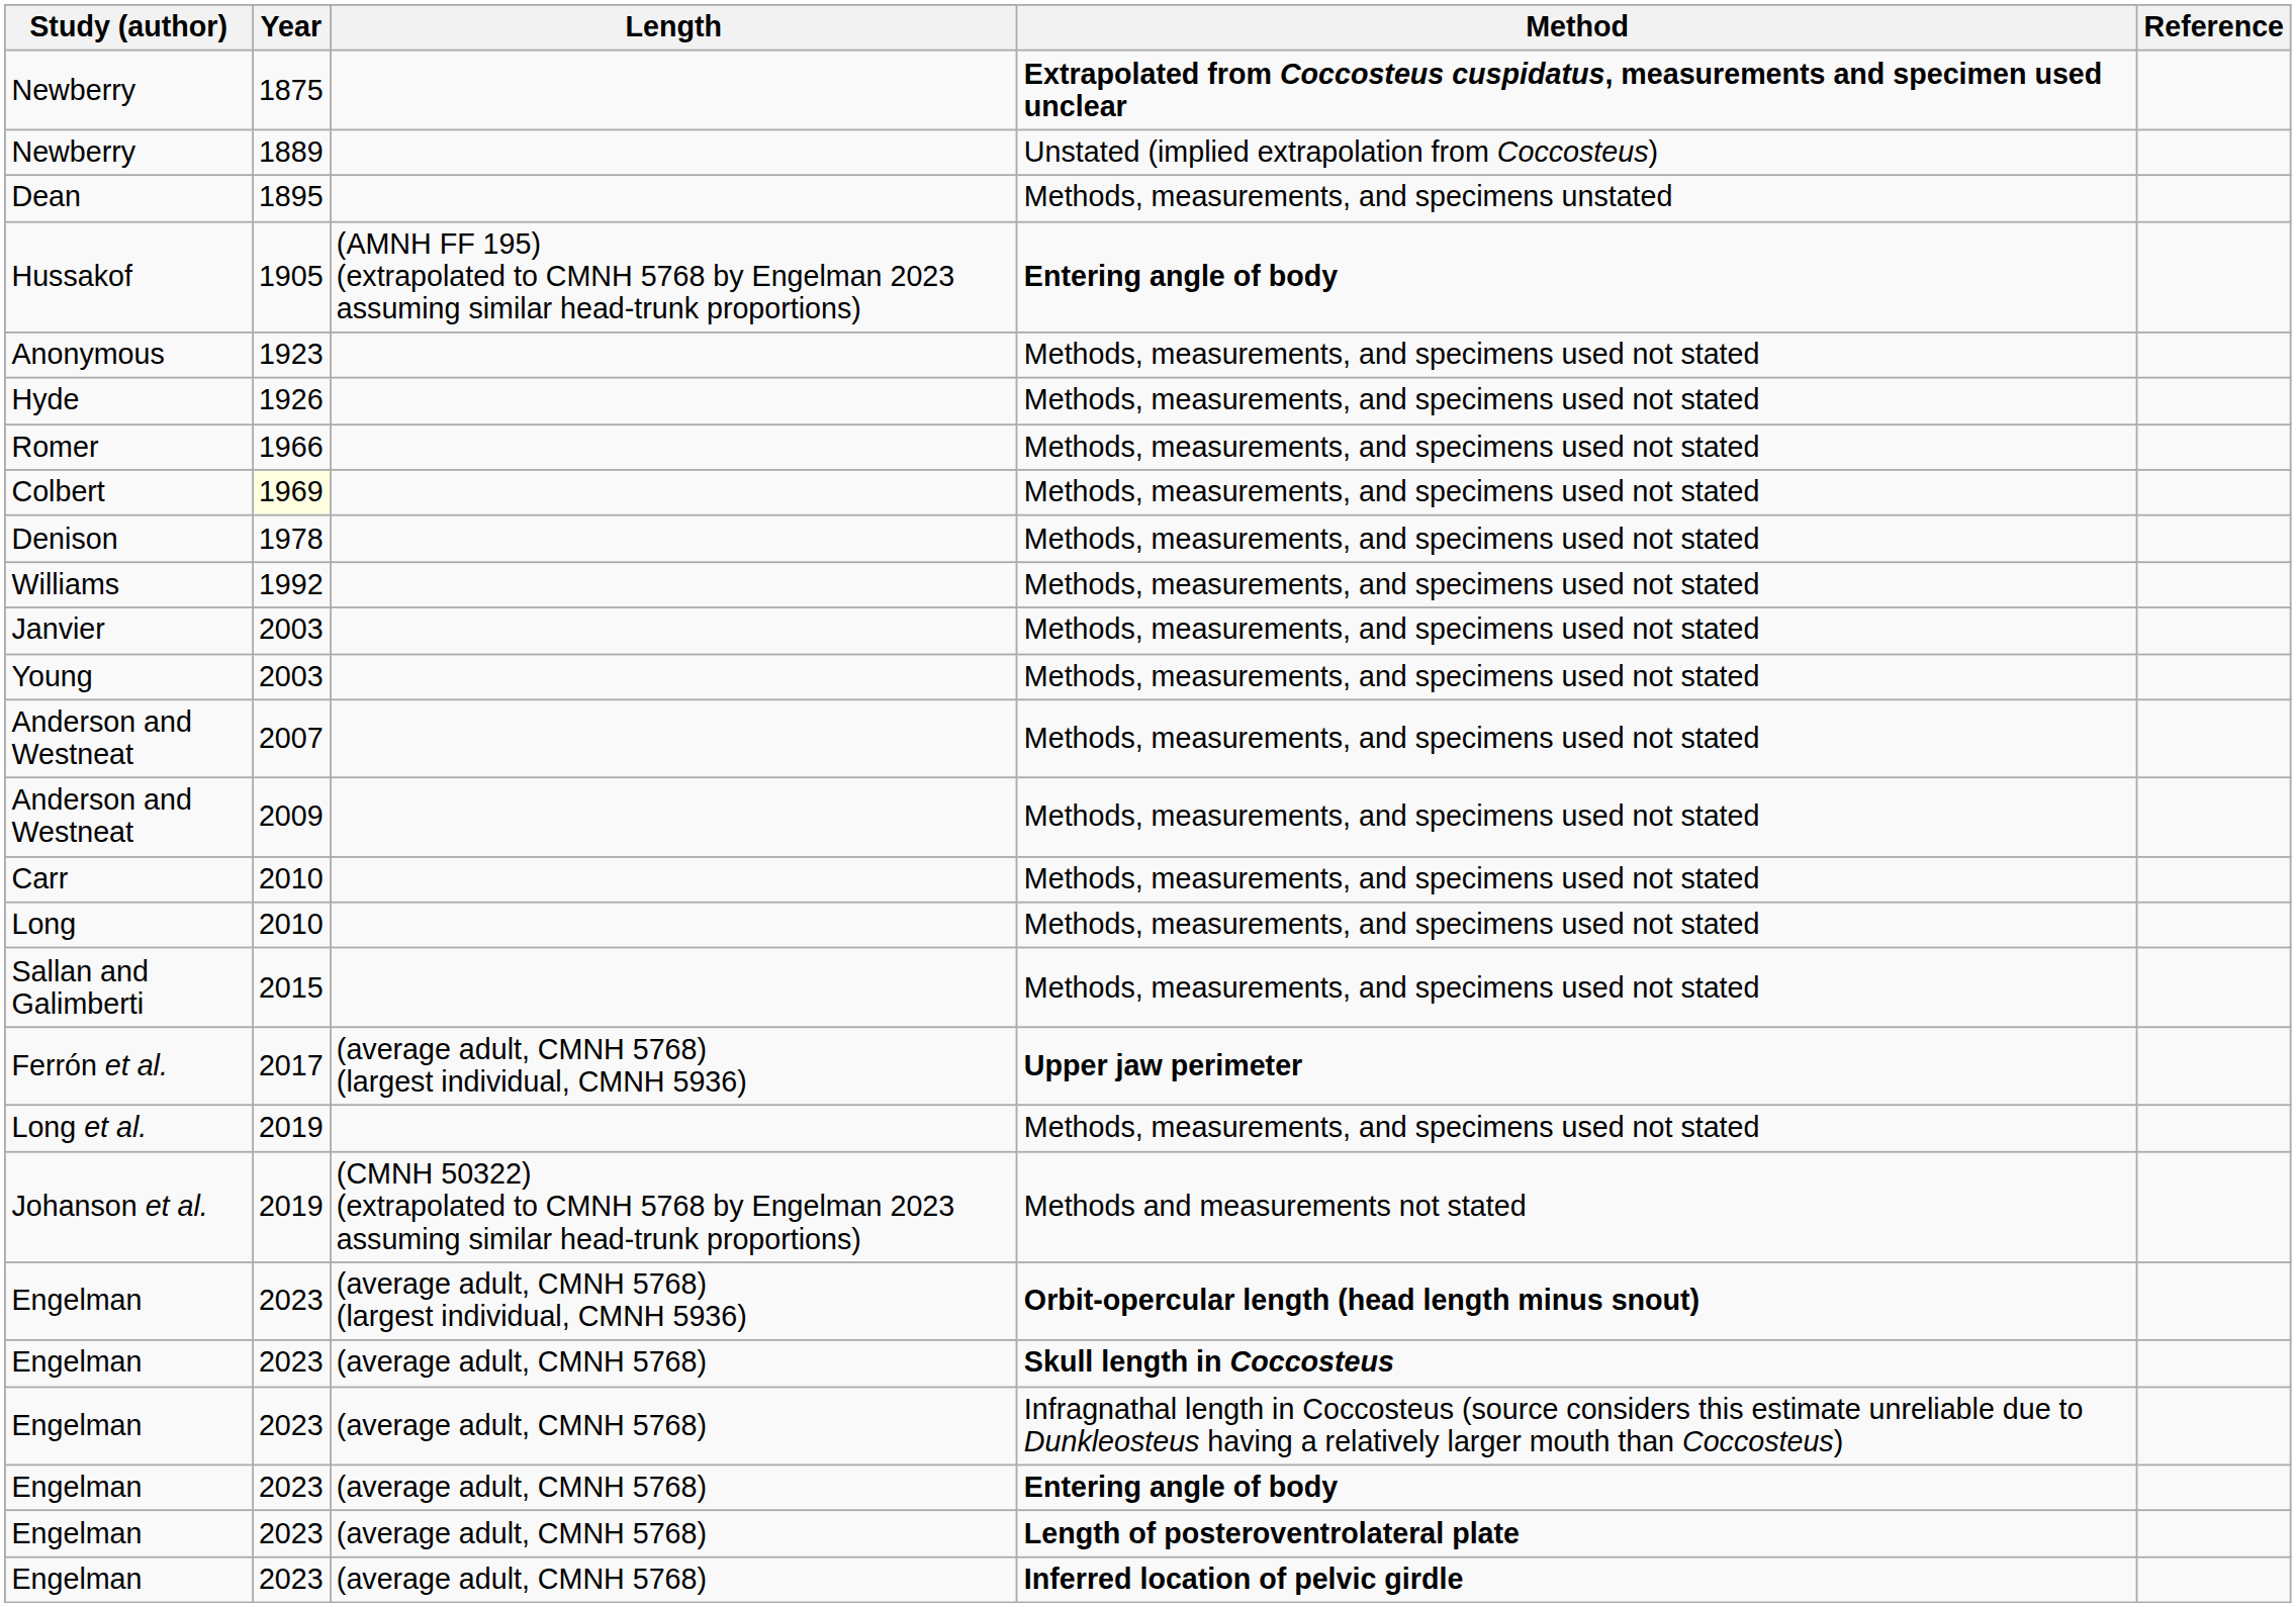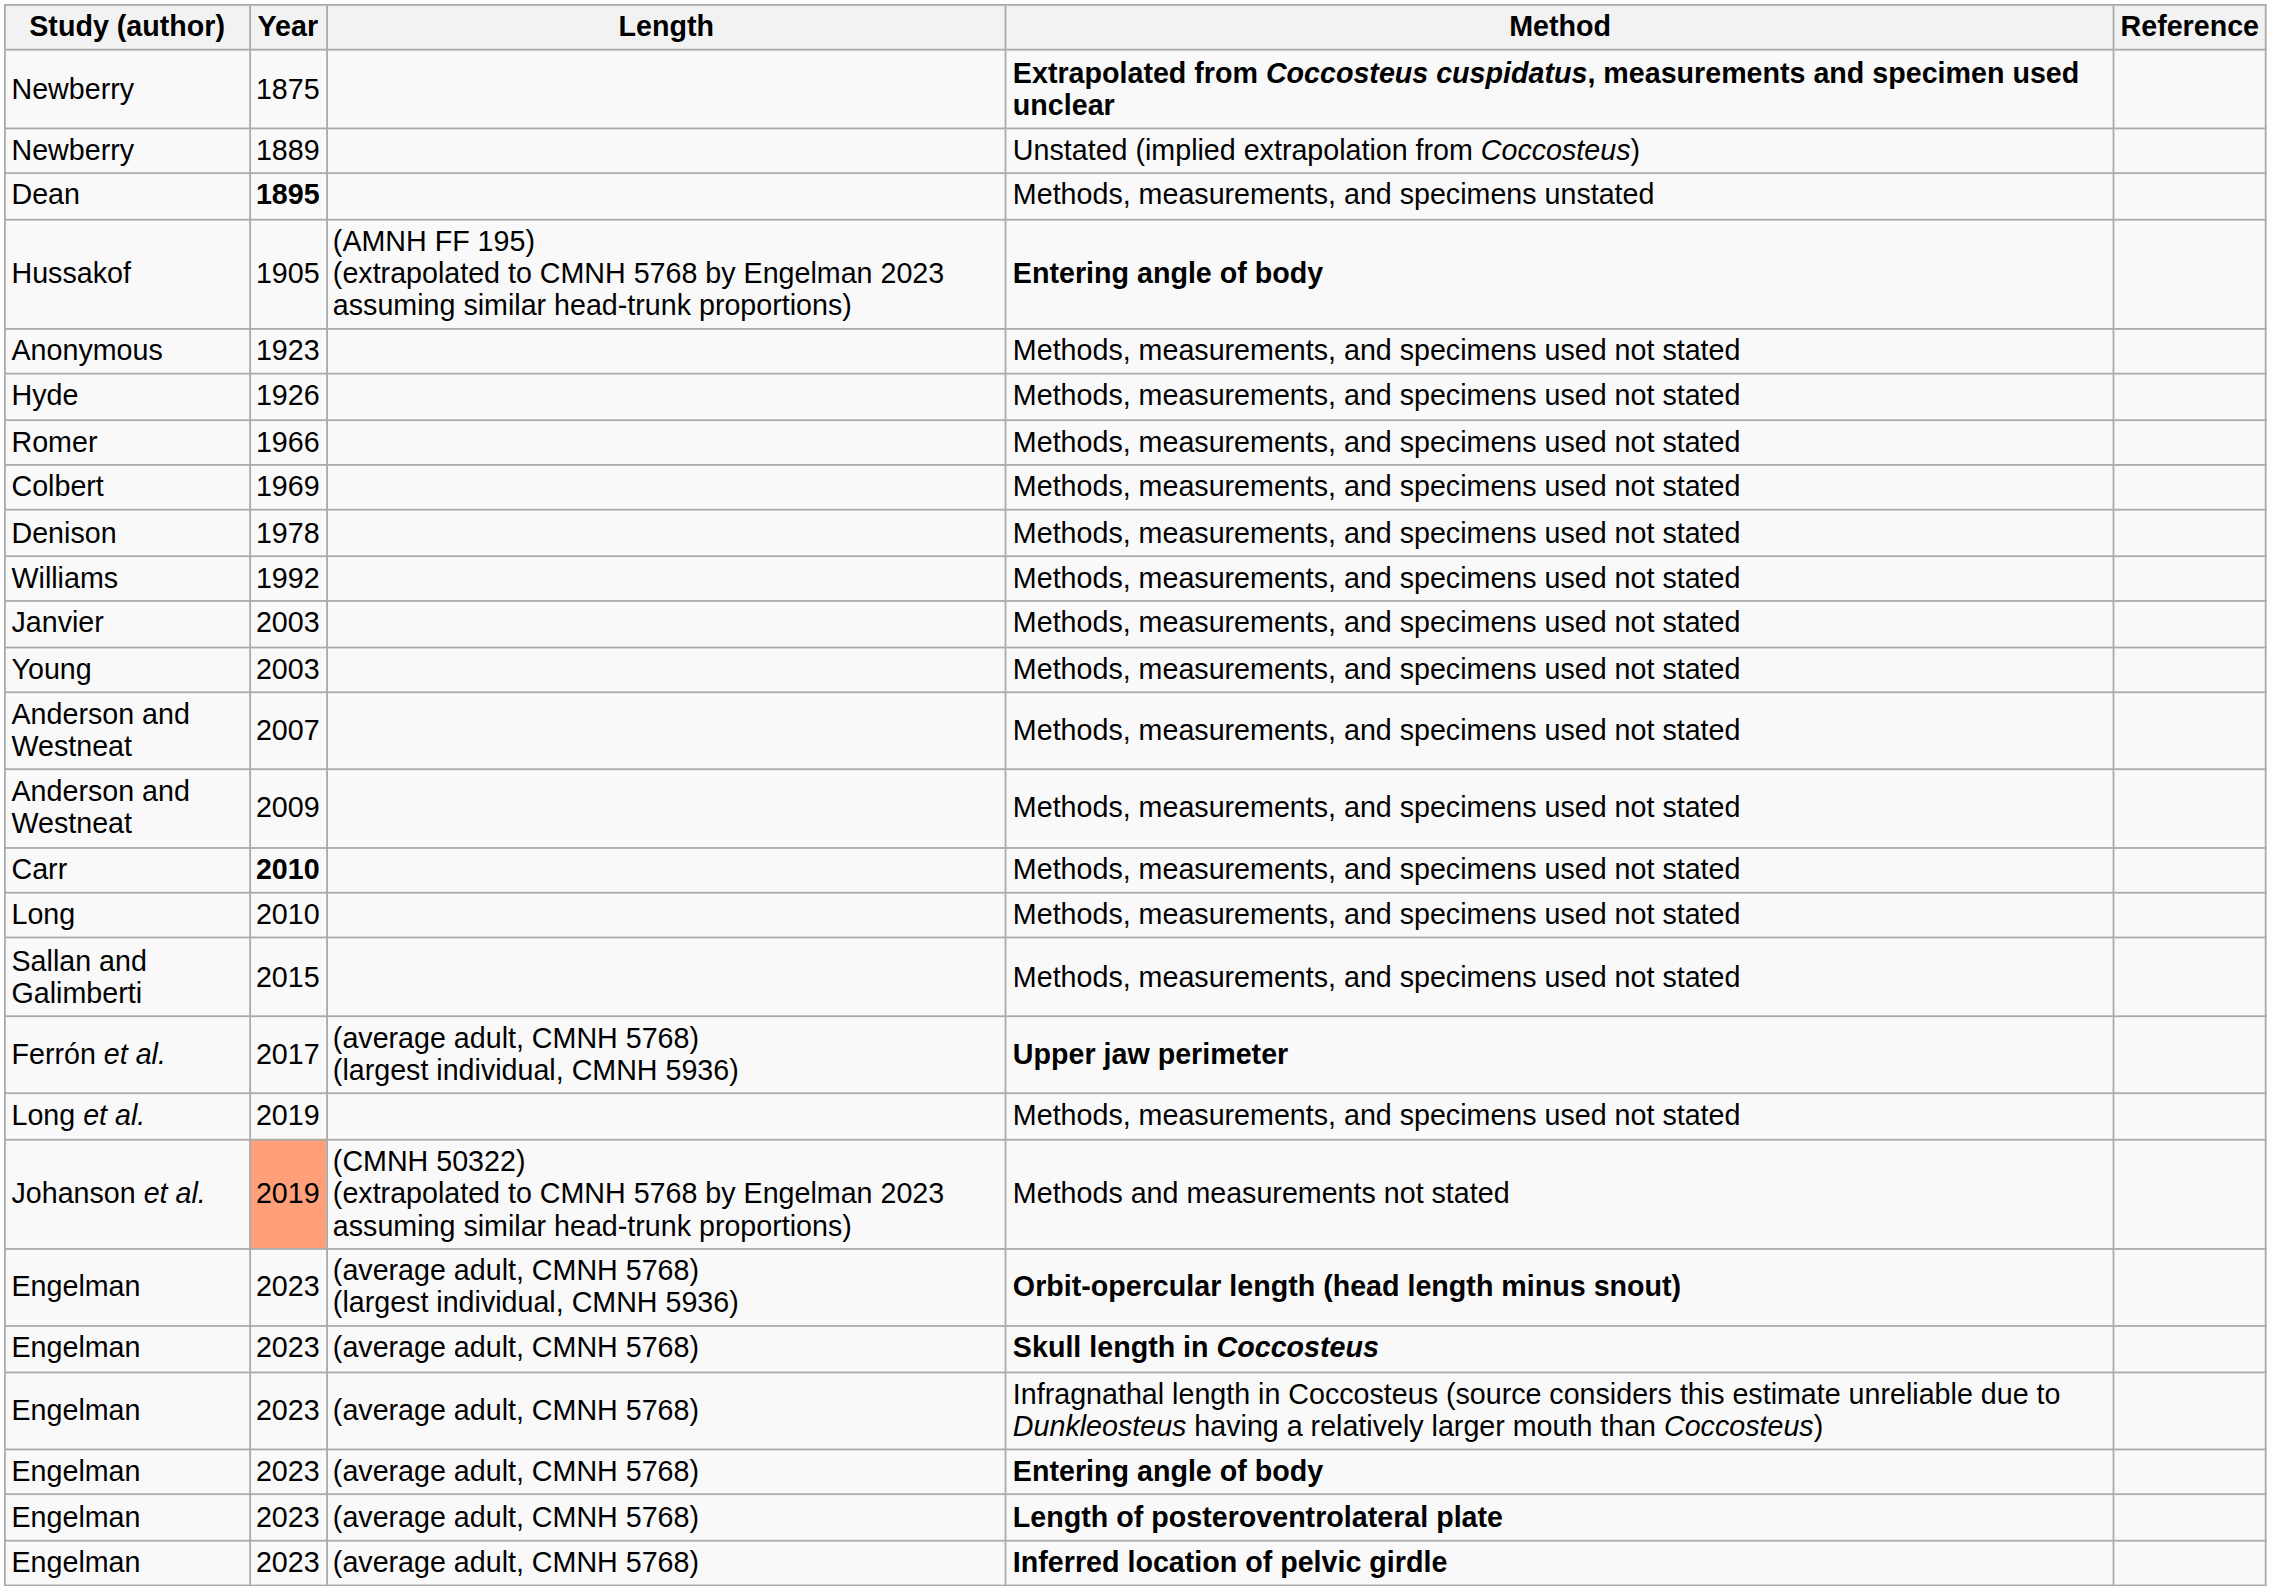 <table class="wikitable sortable" style="margin-left: auto; margin-right: auto; border: none;">
 <tr>
 <th>Study (author)</th>
 <th>Year</th>
 <th>Length</th>
 <th>Method</th>
 <th>Reference</th>
 </tr>
 <tr>
 <td>Newberry</td>
 <td>1875</td>
 <td></td>
 <td><strong>Extrapolated from <em>Coccosteus cuspidatus</em>, measurements and specimen used unclear</strong></td>
 <td></td>
 </tr>
 <tr>
 <td>Newberry</td>
 <td>1889</td>
 <td></td>
 <td>Unstated (implied extrapolation from <em>Coccosteus</em>)</td>
 <td></td>
 </tr>
 <tr>
 <td>Dean</td>
-<td>1895</td>
+<td><strong>1895</strong></td>
 <td></td>
 <td>Methods, measurements, and specimens unstated</td>
 <td></td>
 </tr>
 <tr>
 <td>Hussakof</td>
 <td>1905</td>
 <td> (AMNH FF 195) <br>  (extrapolated to CMNH 5768 by Engelman 2023 assuming similar head-trunk proportions)</td>
 <td><strong>Entering angle of body</strong></td>
 <td></td>
 </tr>
 <tr>
 <td>Anonymous</td>
 <td>1923</td>
 <td></td>
 <td>Methods, measurements, and specimens used not stated</td>
 <td></td>
 </tr>
 <tr>
 <td>Hyde</td>
 <td>1926</td>
 <td></td>
 <td>Methods, measurements, and specimens used not stated</td>
 <td></td>
 </tr>
 <tr>
 <td>Romer</td>
 <td>1966</td>
 <td></td>
 <td>Methods, measurements, and specimens used not stated</td>
 <td></td>
 </tr>
 <tr>
 <td>Colbert</td>
-<td style="background: lightyellow;">1969</td>
+<td>1969</td>
 <td></td>
 <td>Methods, measurements, and specimens used not stated</td>
 <td></td>
 </tr>
 <tr>
 <td>Denison</td>
 <td>1978</td>
 <td></td>
 <td>Methods, measurements, and specimens used not stated</td>
 <td></td>
 </tr>
 <tr>
 <td>Williams</td>
 <td>1992</td>
 <td></td>
 <td>Methods, measurements, and specimens used not stated</td>
 <td></td>
 </tr>
 <tr>
 <td>Janvier</td>
 <td>2003</td>
 <td></td>
 <td>Methods, measurements, and specimens used not stated</td>
 <td></td>
 </tr>
 <tr>
 <td>Young</td>
 <td>2003</td>
 <td></td>
 <td>Methods, measurements, and specimens used not stated</td>
 <td></td>
 </tr>
 <tr>
 <td>Anderson and Westneat</td>
 <td>2007</td>
 <td></td>
 <td>Methods, measurements, and specimens used not stated</td>
 <td></td>
 </tr>
 <tr>
 <td>Anderson and Westneat</td>
 <td>2009</td>
 <td></td>
 <td>Methods, measurements, and specimens used not stated</td>
 <td></td>
 </tr>
 <tr>
 <td>Carr</td>
-<td>2010</td>
+<td><strong>2010</strong></td>
 <td></td>
 <td>Methods, measurements, and specimens used not stated</td>
 <td></td>
 </tr>
 <tr>
 <td>Long</td>
 <td>2010</td>
 <td></td>
 <td>Methods, measurements, and specimens used not stated</td>
 <td></td>
 </tr>
 <tr>
 <td>Sallan and Galimberti</td>
 <td>2015</td>
 <td></td>
 <td>Methods, measurements, and specimens used not stated</td>
 <td></td>
 </tr>
 <tr>
 <td>Ferrón <em>et al.</em></td>
 <td>2017</td>
 <td> (average adult, CMNH 5768) <br>  (largest individual, CMNH 5936)</td>
 <td><strong>Upper jaw perimeter</strong></td>
 <td></td>
 </tr>
 <tr>
 <td>Long <em>et al.</em></td>
 <td>2019</td>
 <td></td>
 <td>Methods, measurements, and specimens used not stated</td>
 <td></td>
 </tr>
 <tr>
 <td>Johanson <em>et al.</em></td>
-<td>2019</td>
+<td style="background: lightsalmon;">2019</td>
 <td> (CMNH 50322) <br>  (extrapolated to CMNH 5768 by Engelman 2023 assuming similar head-trunk proportions)</td>
 <td>Methods and measurements not stated</td>
 <td></td>
 </tr>
 <tr>
 <td>Engelman</td>
 <td>2023</td>
 <td> (average adult, CMNH 5768) <br>  (largest individual, CMNH 5936)</td>
 <td><strong>Orbit-opercular length (head length minus snout)</strong></td>
 <td></td>
 </tr>
 <tr>
 <td>Engelman</td>
 <td>2023</td>
 <td> (average adult, CMNH 5768)</td>
 <td><strong>Skull length in <em>Coccosteus<strong><em></td>
 <td></td>
 </tr>
 <tr>
 <td>Engelman</td>
 <td>2023</td>
 <td> (average adult, CMNH 5768)</td>
 <td></strong>Infragnathal length in </em>Coccosteus</em></strong> (source considers this estimate unreliable due to <em>Dunkleosteus</em> having a relatively larger mouth than <em>Coccosteus</em>)</td>
 <td></td>
 </tr>
 <tr>
 <td>Engelman</td>
 <td>2023</td>
 <td> (average adult, CMNH 5768)</td>
 <td><strong>Entering angle of body</strong></td>
 <td></td>
 </tr>
 <tr>
 <td>Engelman</td>
 <td>2023</td>
 <td> (average adult, CMNH 5768)</td>
 <td><strong>Length of posteroventrolateral plate</strong></td>
 <td></td>
 </tr>
 <tr>
 <td>Engelman</td>
 <td>2023</td>
 <td> (average adult, CMNH 5768)</td>
 <td><strong>Inferred location of pelvic girdle</strong></td>
 <td></td>
 </tr>
 <tr>
 </tr>
 </table>
